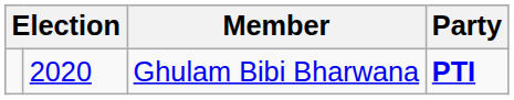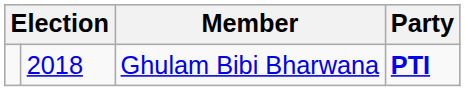 <table class="wikitable">
 <tr>
 <th colspan="2">Election</th>
 <th>Member</th>
 <th>Party</th>
 </tr>
 <tr>
 <td style="background-color: "></td>
-<td><a href='#'>2020</a></td>
+<td><a href='#'>2018</a></td>
 <td><a href='#'>Ghulam Bibi Bharwana</a></td>
 <td><strong><a href='#'>PTI</a></strong></td>
 </tr>
 </table>
